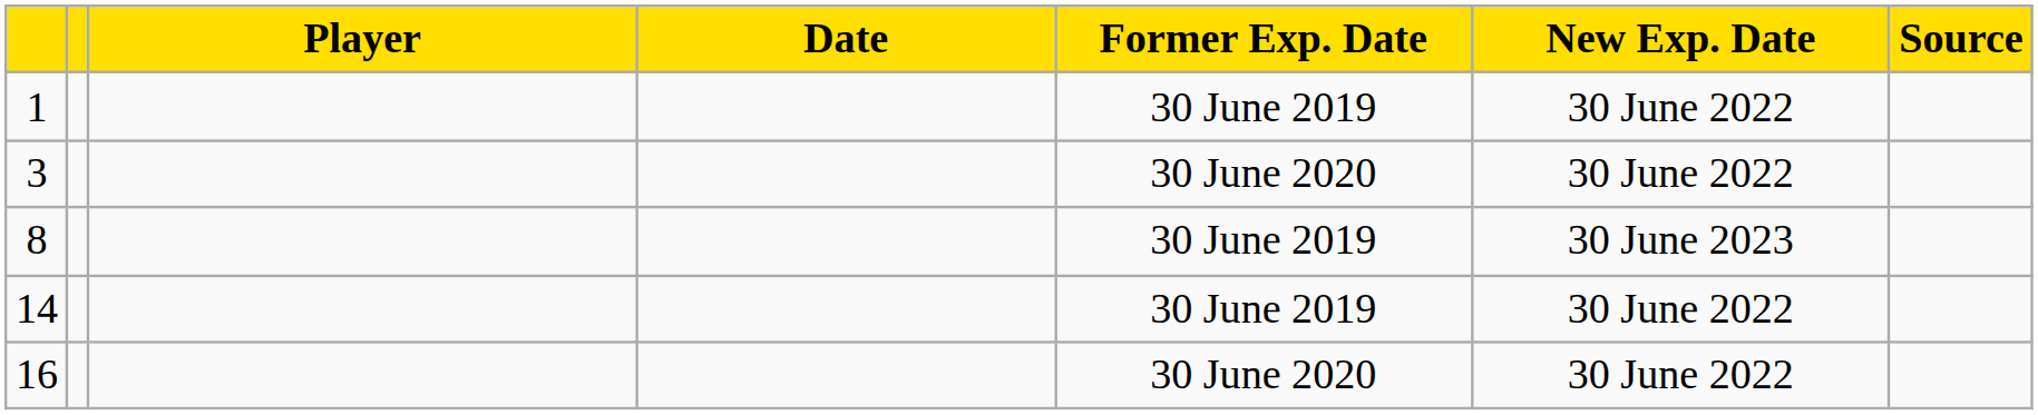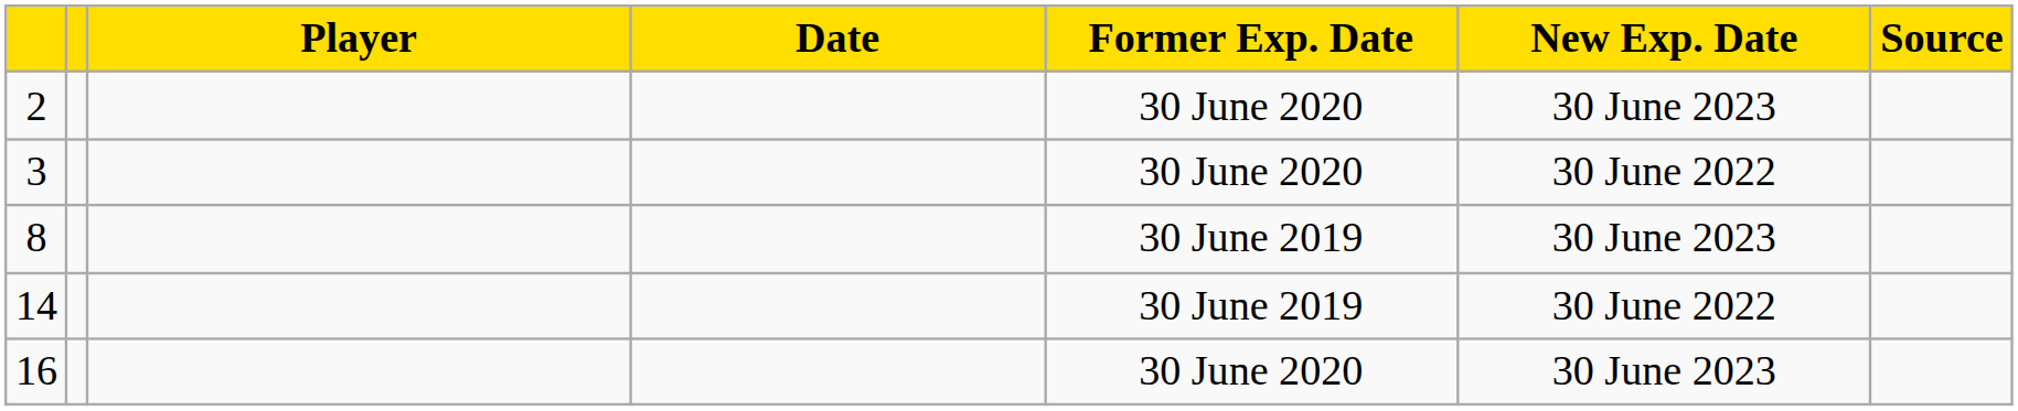 <table class="wikitable sortable">
 <tr>
 <th style="background:#FFDE00"></th>
 <th style="background:#FFDE00"></th>
 <th width=200 style="background:#FFDE00">Player</th>
 <th width=150 style="background:#FFDE00">Date</th>
 <th width=150 style="background:#FFDE00">Former Exp. Date</th>
 <th width=150 style="background:#FFDE00">New Exp. Date</th>
 <th style="background:#FFDE00">Source</th>
 </tr>
 <tr>
-<td align=center>1</td>
+<td align=center>2</td>
 <td align=center></td>
 <td></td>
 <td align=center></td>
-<td align=center>30 June 2019</td>
-<td align=center>30 June 2022</td>
+<td align=center>30 June 2020</td>
+<td align=center>30 June 2023</td>
 <td align=center></td>
 </tr>
 <tr>
 <td align=center>3</td>
 <td align=center></td>
 <td></td>
 <td align=center></td>
 <td align=center>30 June 2020</td>
 <td align=center>30 June 2022</td>
 <td align=center></td>
 </tr>
 <tr>
 <td align=center>8</td>
 <td align=center></td>
 <td></td>
 <td align=center></td>
 <td align=center>30 June 2019</td>
 <td align=center>30 June 2023</td>
 <td align=center></td>
 </tr>
 <tr>
 <td align=center>14</td>
 <td align=center></td>
 <td></td>
 <td align=center></td>
 <td align=center>30 June 2019</td>
 <td align=center>30 June 2022</td>
 <td align=center></td>
 </tr>
 <tr>
 <td align=center>16</td>
 <td align=center></td>
 <td></td>
 <td align=center></td>
 <td align=center>30 June 2020</td>
-<td align=center>30 June 2022</td>
+<td align=center>30 June 2023</td>
 <td align=center></td>
 </tr>
 </table>
